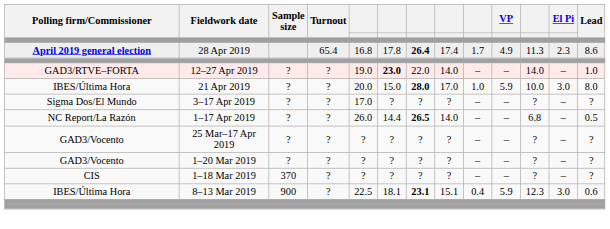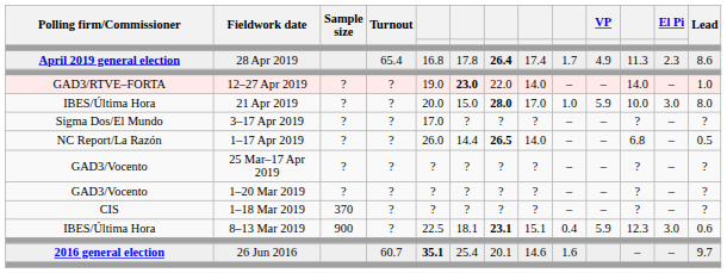 <table class="wikitable collapsible collapsed" style="text-align:center; font-size:95%; line-height:16px;">
 <tr style="height:42px;">
 <th style="width:250px;" rowspan="2">Polling firm/Commissioner</th>
 <th style="width:125px;" rowspan="2">Fieldwork date</th>
 <th style="width:50px;" rowspan="2">Sample size</th>
 <th style="width:45px;" rowspan="2">Turnout</th>
 <th style="width:35px;"></th>
 <th style="width:35px;"></th>
 <th style="width:35px;"></th>
 <th style="width:35px;"></th>
 <th style="width:35px;"></th>
 <th style="width:35px;"><a href='#'>VP</a></th>
 <th style="width:35px;"></th>
 <th style="width:35px;"><a href='#'>El Pi</a></th>
 <th style="width:30px;" rowspan="2">Lead</th>
 </tr>
 <tr>
 <th style="color:inherit;background:"></th>
 <th style="color:inherit;background:"></th>
 <th style="color:inherit;background:"></th>
 <th style="color:inherit;background:"></th>
 <th style="color:inherit;background:"></th>
 <th style="color:inherit;background:"></th>
 <th style="color:inherit;background:"></th>
 <th style="color:inherit;background:"></th>
 </tr>
 <tr>
 <td colspan="13" style="background:#A0A0A0"></td>
 </tr>
 <tr style="background:#EFEFEF;">
 <td><strong><a href='#'>April 2019 general election</a></strong></td>
 <td>28 Apr 2019</td>
 <td></td>
 <td>65.4</td>
 <td>16.8<br></td>
 <td>17.8<br></td>
 <td><strong>26.4</strong><br></td>
 <td>17.4<br></td>
 <td>1.7<br></td>
 <td>4.9<br></td>
 <td>11.3<br></td>
 <td>2.3<br></td>
 <td style="background:">8.6</td>
 </tr>
 <tr>
 <td colspan="13" style="background:#A0A0A0"></td>
 </tr>
 <tr style="background:#FFEAEA;">
 <td>GAD3/RTVE–FORTA</td>
 <td>12–27 Apr 2019</td>
 <td>?</td>
 <td>?</td>
 <td>19.0<br></td>
 <td><strong>23.0</strong><br></td>
 <td>22.0<br></td>
 <td>14.0<br></td>
 <td>–</td>
 <td>–</td>
 <td>14.0<br></td>
 <td>–</td>
 <td style="background:">1.0</td>
 </tr>
 <tr>
 <td>IBES/Última Hora</td>
 <td>21 Apr 2019</td>
 <td>?</td>
 <td>?</td>
 <td>20.0<br></td>
 <td>15.0<br></td>
 <td><strong>28.0</strong><br></td>
 <td>17.0<br></td>
 <td>1.0<br></td>
 <td>5.9<br></td>
 <td>10.0<br></td>
 <td>3.0<br></td>
 <td style="background:">8.0</td>
 </tr>
 <tr>
 <td>Sigma Dos/El Mundo</td>
 <td>3–17 Apr 2019</td>
 <td>?</td>
 <td>?</td>
 <td>17.0<br></td>
 <td>?<br></td>
 <td>?<br></td>
 <td>?<br></td>
 <td>–</td>
 <td>–</td>
 <td>?<br></td>
 <td>–</td>
 <td style="background:">?</td>
 </tr>
 <tr>
 <td>NC Report/La Razón</td>
 <td>1–17 Apr 2019</td>
 <td>?</td>
 <td>?</td>
 <td>26.0<br></td>
 <td>14.4<br></td>
 <td><strong>26.5</strong><br></td>
 <td>14.0<br></td>
 <td>–</td>
 <td>–</td>
 <td>6.8<br></td>
 <td>–</td>
 <td style="background:">0.5</td>
 </tr>
 <tr>
 <td>GAD3/Vocento</td>
 <td>25 Mar–17 Apr 2019</td>
 <td>?</td>
 <td>?</td>
 <td>?<br></td>
 <td>?<br></td>
 <td>?<br></td>
 <td>?<br></td>
 <td>–</td>
 <td>–</td>
 <td>?<br></td>
 <td>–</td>
 <td style="background:">?</td>
 </tr>
 <tr>
 <td>GAD3/Vocento</td>
 <td>1–20 Mar 2019</td>
 <td>?</td>
 <td>?</td>
 <td>?<br></td>
 <td>?<br></td>
 <td>?<br></td>
 <td>?<br></td>
 <td>–</td>
 <td>–</td>
 <td>?<br></td>
 <td>–</td>
 <td style="background:">?</td>
 </tr>
 <tr>
 <td>CIS</td>
 <td>1–18 Mar 2019</td>
 <td>370</td>
 <td>?</td>
 <td>?<br></td>
 <td>?<br></td>
 <td>?<br></td>
 <td>?<br></td>
 <td>–</td>
 <td>–</td>
 <td>?<br></td>
 <td>–</td>
 <td style="background:">?</td>
 </tr>
 <tr>
 <td>IBES/Última Hora</td>
 <td>8–13 Mar 2019</td>
 <td>900</td>
 <td>?</td>
 <td>22.5<br></td>
 <td>18.1<br></td>
 <td><strong>23.1</strong><br></td>
 <td>15.1<br></td>
 <td>0.4<br></td>
 <td>5.9<br></td>
 <td>12.3<br></td>
 <td>3.0<br></td>
 <td style="background:">0.6</td>
 </tr>
 <tr>
 <td colspan="13" style="background:#A0A0A0"></td>
 </tr>
+<tr style="background:#EFEFEF;">
+<td><strong><a href='#'>2016 general election</a></strong></td>
+<td>26 Jun 2016</td>
+<td></td>
+<td>60.7</td>
+<td><strong>35.1</strong><br></td>
+<td>25.4<br></td>
+<td>20.1<br></td>
+<td>14.6<br></td>
+<td>1.6<br></td>
+<td></td>
+<td>–</td>
+<td>–</td>
+<td style="background:">9.7</td>
+</tr>
 <tr>
 <td colspan="13" style="background:#A0A0A0"></td>
 </tr>
 </table>
